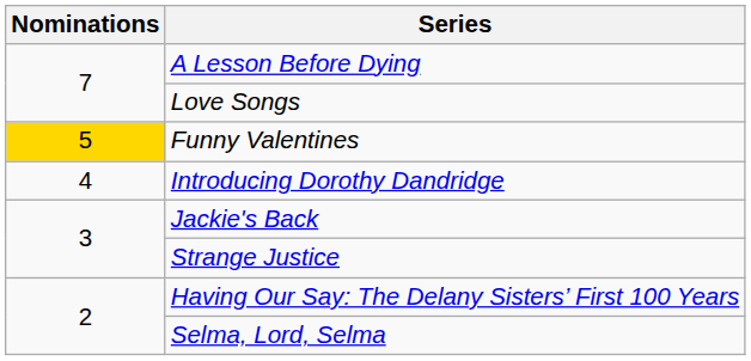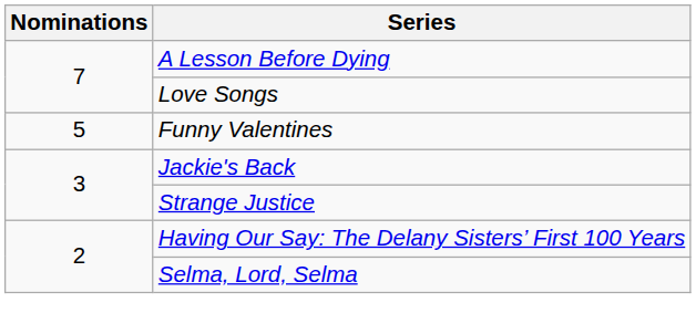 <table class="wikitable">
 <tr>
 <th scope="col" style="width:55px;">Nominations</th>
 <th scope="col" style="text-align:center;">Series</th>
 </tr>
 <tr>
 <td rowspan="2" style="text-align:center">7</td>
 <td><em><a href='#'>A Lesson Before Dying</a></em></td>
 </tr>
 <tr>
 <td><em>Love Songs</em></td>
 </tr>
 <tr>
-<td style="background: gold; text-align:center">5</td>
+<td style="text-align:center">5</td>
 <td><em>Funny Valentines</em></td>
-</tr>
-<tr>
-<td style="text-align:center">4</td>
-<td><em><a href='#'>Introducing Dorothy Dandridge</a></em></td>
 </tr>
 <tr>
 <td rowspan="2" style="text-align:center">3</td>
 <td><em><a href='#'>Jackie's Back</a></em></td>
 </tr>
 <tr>
 <td><em><a href='#'>Strange Justice</a></em></td>
 </tr>
 <tr>
 <td rowspan="2" style="text-align:center">2</td>
 <td><em><a href='#'>Having Our Say: The Delany Sisters’ First 100 Years</a></em></td>
 </tr>
 <tr>
 <td><em><a href='#'>Selma, Lord, Selma</a></em></td>
 </tr>
 </table>
